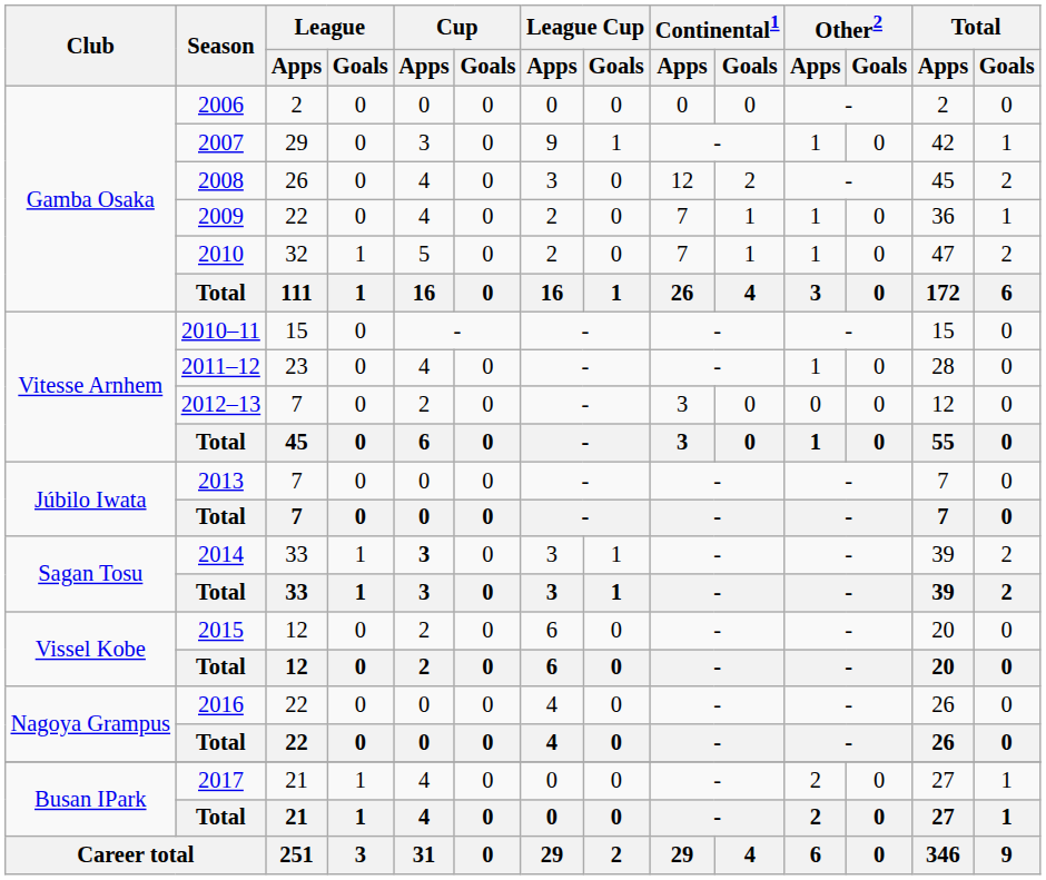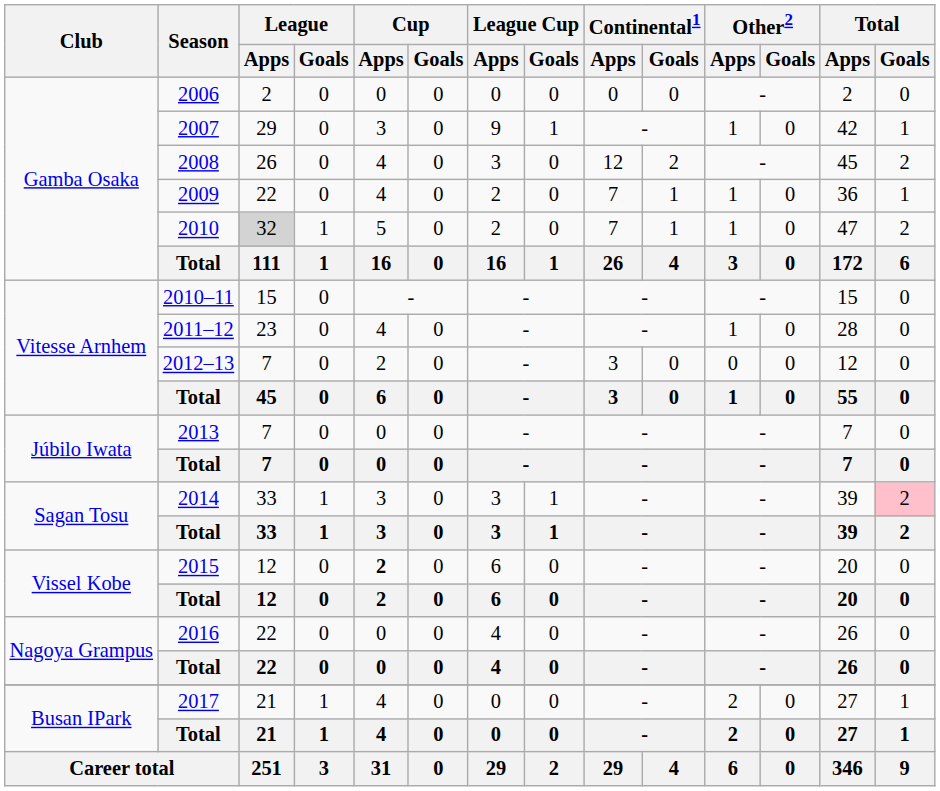 <table class="wikitable" style="font-size:90%; text-align:center;">
 <tr>
 <th rowspan="2">Club</th>
 <th rowspan="2">Season</th>
 <th colspan="2">League</th>
 <th colspan="2">Cup</th>
 <th colspan="2">League Cup</th>
 <th colspan="2">Continental<sup><a href='#'>1</a></sup></th>
 <th colspan="2">Other<sup><a href='#'>2</a></sup></th>
 <th colspan="2">Total</th>
 </tr>
 <tr>
 <th>Apps</th>
 <th>Goals</th>
 <th>Apps</th>
 <th>Goals</th>
 <th>Apps</th>
 <th>Goals</th>
 <th>Apps</th>
 <th>Goals</th>
 <th>Apps</th>
 <th>Goals</th>
 <th>Apps</th>
 <th>Goals</th>
 </tr>
 <tr>
 <td rowspan="6"><a href='#'>Gamba Osaka</a></td>
 <td><a href='#'>2006</a></td>
 <td>2</td>
 <td>0</td>
 <td>0</td>
 <td>0</td>
 <td>0</td>
 <td>0</td>
 <td>0</td>
 <td>0</td>
 <td colspan="2">-</td>
 <td>2</td>
 <td>0</td>
 </tr>
 <tr>
 <td><a href='#'>2007</a></td>
 <td>29</td>
 <td>0</td>
 <td>3</td>
 <td>0</td>
 <td>9</td>
 <td>1</td>
 <td colspan="2">-</td>
 <td>1</td>
 <td>0</td>
 <td>42</td>
 <td>1</td>
 </tr>
 <tr>
 <td><a href='#'>2008</a></td>
 <td>26</td>
 <td>0</td>
 <td>4</td>
 <td>0</td>
 <td>3</td>
 <td>0</td>
 <td>12</td>
 <td>2</td>
 <td colspan="2">-</td>
 <td>45</td>
 <td>2</td>
 </tr>
 <tr>
 <td><a href='#'>2009</a></td>
 <td>22</td>
 <td>0</td>
 <td>4</td>
 <td>0</td>
 <td>2</td>
 <td>0</td>
 <td>7</td>
 <td>1</td>
 <td>1</td>
 <td>0</td>
 <td>36</td>
 <td>1</td>
 </tr>
 <tr>
 <td><a href='#'>2010</a></td>
-<td>32</td>
+<td style="background: lightgrey;">32</td>
 <td>1</td>
 <td>5</td>
 <td>0</td>
 <td>2</td>
 <td>0</td>
 <td>7</td>
 <td>1</td>
 <td>1</td>
 <td>0</td>
 <td>47</td>
 <td>2</td>
 </tr>
 <tr>
 <th colspan="1">Total</th>
 <th>111</th>
 <th>1</th>
 <th>16</th>
 <th>0</th>
 <th>16</th>
 <th>1</th>
 <th>26</th>
 <th>4</th>
 <th>3</th>
 <th>0</th>
 <th>172</th>
 <th>6</th>
 </tr>
 <tr>
 <td rowspan="4"><a href='#'>Vitesse Arnhem</a></td>
 <td><a href='#'>2010–11</a></td>
 <td>15</td>
 <td>0</td>
 <td colspan="2">-</td>
 <td colspan="2">-</td>
 <td colspan="2">-</td>
 <td colspan="2">-</td>
 <td>15</td>
 <td>0</td>
 </tr>
 <tr>
 <td><a href='#'>2011–12</a></td>
 <td>23</td>
 <td>0</td>
 <td>4</td>
 <td>0</td>
 <td colspan="2">-</td>
 <td colspan="2">-</td>
 <td>1</td>
 <td>0</td>
 <td>28</td>
 <td>0</td>
 </tr>
 <tr>
 <td><a href='#'>2012–13</a></td>
 <td>7</td>
 <td>0</td>
 <td>2</td>
 <td>0</td>
 <td colspan="2">-</td>
 <td>3</td>
 <td>0</td>
 <td>0</td>
 <td>0</td>
 <td>12</td>
 <td>0</td>
 </tr>
 <tr>
 <th colspan="1">Total</th>
 <th>45</th>
 <th>0</th>
 <th>6</th>
 <th>0</th>
 <th colspan="2">-</th>
 <th>3</th>
 <th>0</th>
 <th>1</th>
 <th>0</th>
 <th>55</th>
 <th>0</th>
 </tr>
 <tr>
 <td rowspan="2"><a href='#'>Júbilo Iwata</a></td>
 <td><a href='#'>2013</a></td>
 <td>7</td>
 <td>0</td>
 <td>0</td>
 <td>0</td>
 <td colspan="2">-</td>
 <td colspan="2">-</td>
 <td colspan="2">-</td>
 <td>7</td>
 <td>0</td>
 </tr>
 <tr>
 <th colspan="1">Total</th>
 <th>7</th>
 <th>0</th>
 <th>0</th>
 <th>0</th>
 <th colspan="2">-</th>
 <th colspan="2">-</th>
 <th colspan="2">-</th>
 <th>7</th>
 <th>0</th>
 </tr>
 <tr>
 <td rowspan="2"><a href='#'>Sagan Tosu</a></td>
 <td><a href='#'>2014</a></td>
 <td>33</td>
 <td>1</td>
-<td><strong>3</strong></td>
+<td>3</td>
 <td>0</td>
 <td>3</td>
 <td>1</td>
 <td colspan="2">-</td>
 <td colspan="2">-</td>
 <td>39</td>
-<td>2</td>
+<td style="background: pink;">2</td>
 </tr>
 <tr>
 <th colspan="1">Total</th>
 <th>33</th>
 <th>1</th>
 <th>3</th>
 <th>0</th>
 <th>3</th>
 <th>1</th>
 <th colspan="2">-</th>
 <th colspan="2">-</th>
 <th>39</th>
 <th>2</th>
 </tr>
 <tr>
 <td rowspan="2"><a href='#'>Vissel Kobe</a></td>
 <td><a href='#'>2015</a></td>
 <td>12</td>
 <td>0</td>
-<td>2</td>
+<td><strong>2</strong></td>
 <td>0</td>
 <td>6</td>
 <td>0</td>
 <td colspan="2">-</td>
 <td colspan="2">-</td>
 <td>20</td>
 <td>0</td>
 </tr>
 <tr>
 <th colspan="1">Total</th>
 <th>12</th>
 <th>0</th>
 <th>2</th>
 <th>0</th>
 <th>6</th>
 <th>0</th>
 <th colspan="2">-</th>
 <th colspan="2">-</th>
 <th>20</th>
 <th>0</th>
 </tr>
 <tr>
 <td rowspan="2"><a href='#'>Nagoya Grampus</a></td>
 <td><a href='#'>2016</a></td>
 <td>22</td>
 <td>0</td>
 <td>0</td>
 <td>0</td>
 <td>4</td>
 <td>0</td>
 <td colspan="2">-</td>
 <td colspan="2">-</td>
 <td>26</td>
 <td>0</td>
 </tr>
 <tr>
 <th colspan="1">Total</th>
 <th>22</th>
 <th>0</th>
 <th>0</th>
 <th>0</th>
 <th>4</th>
 <th>0</th>
 <th colspan="2">-</th>
 <th colspan="2">-</th>
 <th>26</th>
 <th>0</th>
 </tr>
 <tr>
 </tr>
 <tr>
 <td rowspan="2"><a href='#'>Busan IPark</a></td>
 <td><a href='#'>2017</a></td>
 <td>21</td>
 <td>1</td>
 <td>4</td>
 <td>0</td>
 <td>0</td>
 <td>0</td>
 <td colspan="2">-</td>
 <td>2</td>
 <td>0</td>
 <td>27</td>
 <td>1</td>
 </tr>
 <tr>
 <th colspan="1">Total</th>
 <th>21</th>
 <th>1</th>
 <th>4</th>
 <th>0</th>
 <th>0</th>
 <th>0</th>
 <th colspan="2">-</th>
 <th>2</th>
 <th>0</th>
 <th>27</th>
 <th>1</th>
 </tr>
 <tr>
 <th colspan="2">Career total</th>
 <th>251</th>
 <th>3</th>
 <th>31</th>
 <th>0</th>
 <th>29</th>
 <th>2</th>
 <th>29</th>
 <th>4</th>
 <th>6</th>
 <th>0</th>
 <th>346</th>
 <th>9</th>
 </tr>
 </table>
